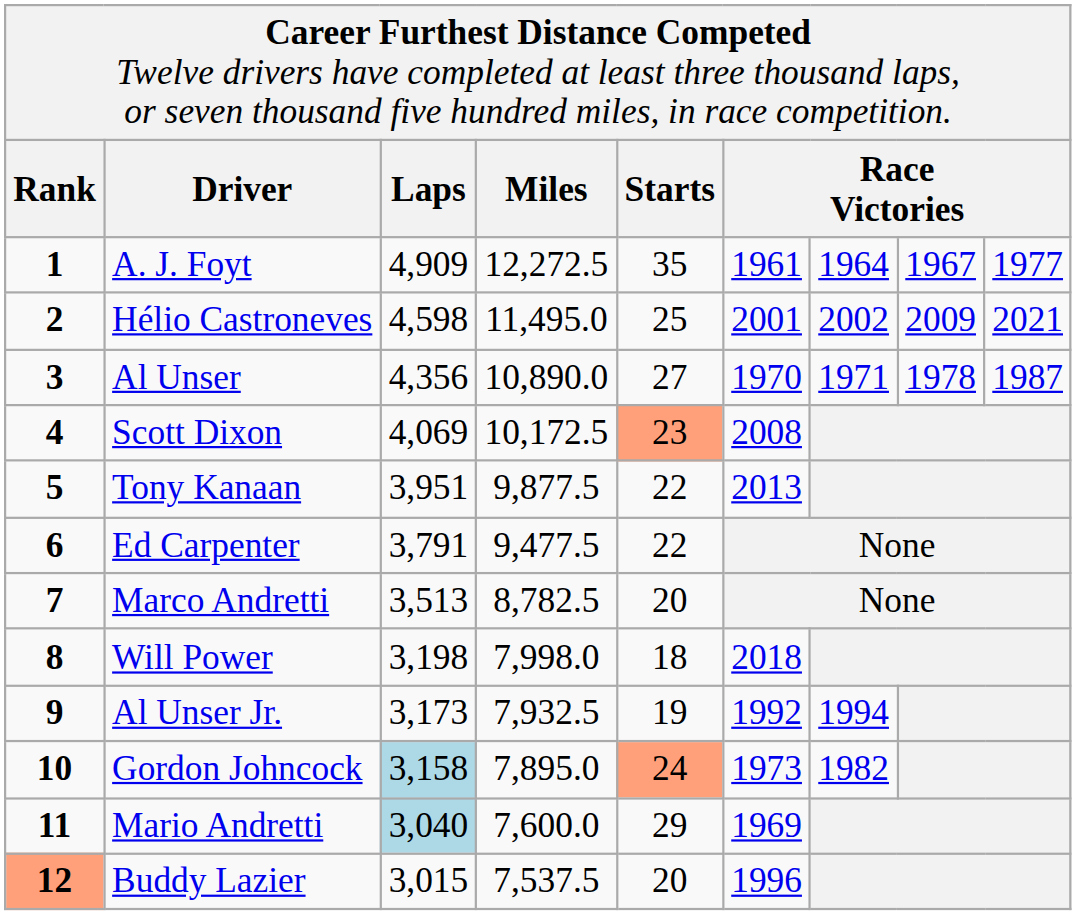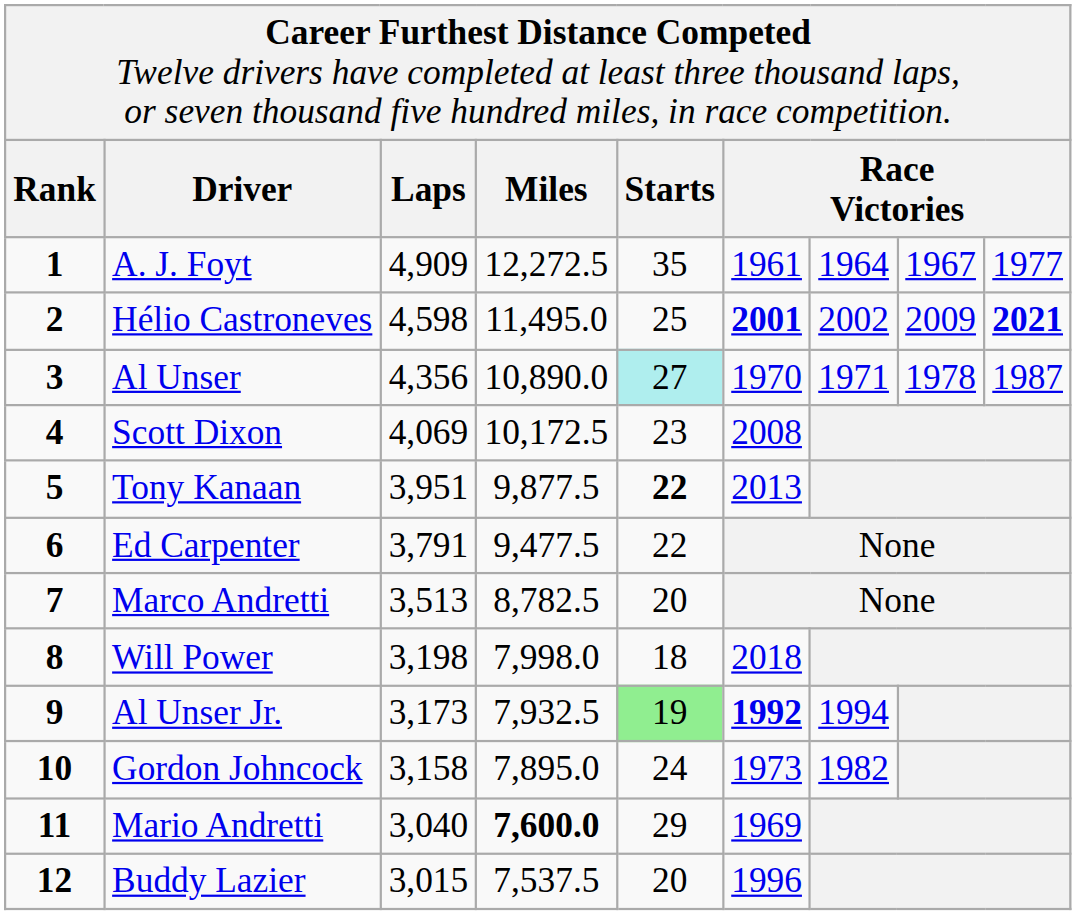 <table class="wikitable">
 <tr>
 <td style="background:#F2F2F2;" align="center" colspan="9"><strong>Career Furthest Distance Competed</strong><br><em>Twelve drivers have completed at least three thousand laps,<br>or seven thousand five hundred miles, in race competition.</em></td>
 </tr>
 <tr>
 <th><strong>Rank</strong></th>
 <th><strong>Driver</strong></th>
 <th><strong>Laps</strong></th>
 <th><strong>Miles</strong></th>
 <th><strong>Starts</strong></th>
 <td bgcolor="#F2F2F2" align="center" colspan="4"><strong>Race<br>Victories</strong></td>
 </tr>
 <tr>
 <td align="center"><strong>1</strong></td>
 <td> <a href='#'>A. J. Foyt</a></td>
 <td align="center">4,909</td>
 <td align="center">12,272.5</td>
 <td align="center">35</td>
 <td><a href='#'>1961</a></td>
 <td><a href='#'>1964</a></td>
 <td><a href='#'>1967</a></td>
 <td><a href='#'>1977</a></td>
 </tr>
 <tr>
 <td align="center"><strong>2</strong></td>
 <td> <a href='#'>Hélio Castroneves</a></td>
 <td align="center">4,598</td>
 <td align="center">11,495.0</td>
 <td align="center">25</td>
-<td><a href='#'>2001</a></td>
+<td><strong><a href='#'>2001</a></strong></td>
 <td><a href='#'>2002</a></td>
 <td><a href='#'>2009</a></td>
-<td><a href='#'>2021</a></td>
+<td><strong><a href='#'>2021</a></strong></td>
 </tr>
 <tr>
 <td align="center"><strong>3</strong></td>
 <td> <a href='#'>Al Unser</a></td>
 <td align="center">4,356</td>
 <td align="center">10,890.0</td>
-<td align="center">27</td>
+<td align="center" style="background: paleturquoise;">27</td>
 <td><a href='#'>1970</a></td>
 <td><a href='#'>1971</a></td>
 <td><a href='#'>1978</a></td>
 <td><a href='#'>1987</a></td>
 </tr>
 <tr>
 <td align="center"><strong>4</strong></td>
 <td> <a href='#'>Scott Dixon</a></td>
 <td align="center">4,069</td>
 <td align="center">10,172.5</td>
-<td align="center" style="background: lightsalmon;">23</td>
+<td align="center">23</td>
 <td align="center"><a href='#'>2008</a></td>
 <td style="background:#F2F2F2;" align="center" colspan="3"> </td>
 </tr>
 <tr>
 <td align="center"><strong>5</strong></td>
 <td> <a href='#'>Tony Kanaan</a></td>
 <td align="center">3,951</td>
 <td align="center">9,877.5</td>
-<td align="center">22</td>
+<td align="center"><strong>22</strong></td>
 <td align="center"><a href='#'>2013</a></td>
 <td style="background:#F2F2F2;" align="center" colspan="3"> </td>
 </tr>
 <tr>
 <td align="center"><strong>6</strong></td>
 <td> <a href='#'>Ed Carpenter</a></td>
 <td align="center">3,791</td>
 <td align="center">9,477.5</td>
 <td align="center">22</td>
 <td style="background:#F2F2F2;" align="center" colspan="4">None</td>
 </tr>
 <tr>
 <td align="center"><strong>7</strong></td>
 <td> <a href='#'>Marco Andretti</a></td>
 <td align="center">3,513</td>
 <td align="center">8,782.5</td>
 <td align="center">20</td>
 <td style="background:#F2F2F2;" align="center" colspan="4">None</td>
 </tr>
 <tr>
 <td align="center"><strong>8</strong></td>
 <td> <a href='#'>Will Power</a></td>
 <td align="center">3,198</td>
 <td align="center">7,998.0</td>
 <td align="center">18</td>
 <td align="center"><a href='#'>2018</a></td>
 <td style="background:#F2F2F2;" align="center" colspan="3"> </td>
 </tr>
 <tr>
 <td align="center"><strong>9</strong></td>
 <td> <a href='#'>Al Unser Jr.</a></td>
 <td align="center">3,173</td>
 <td align="center">7,932.5</td>
-<td align="center">19</td>
-<td><a href='#'>1992</a></td>
+<td align="center" style="background: lightgreen;">19</td>
+<td><strong><a href='#'>1992</a></strong></td>
 <td><a href='#'>1994</a></td>
 <td style="background:#F2F2F2;" align="center" colspan="2"> </td>
 </tr>
 <tr>
 <td align="center"><strong>10</strong></td>
 <td> <a href='#'>Gordon Johncock</a></td>
-<td align="center" style="background: lightblue;">3,158</td>
+<td align="center">3,158</td>
 <td align="center">7,895.0</td>
-<td align="center" style="background: lightsalmon;">24</td>
+<td align="center">24</td>
 <td><a href='#'>1973</a></td>
 <td><a href='#'>1982</a></td>
 <td style="background:#F2F2F2;" align="center" colspan="2"> </td>
 </tr>
 <tr>
 <td align="center"><strong>11</strong></td>
 <td> <a href='#'>Mario Andretti</a></td>
-<td align="center" style="background: lightblue;">3,040</td>
-<td align="center">7,600.0</td>
+<td align="center">3,040</td>
+<td align="center"><strong>7,600.0</strong></td>
 <td align="center">29</td>
 <td align="center"><a href='#'>1969</a></td>
 <td style="background:#F2F2F2;" align="center" colspan="3"> </td>
 </tr>
 <tr>
-<td align="center" style="background: lightsalmon;"><strong>12</strong></td>
+<td align="center"><strong>12</strong></td>
 <td> <a href='#'>Buddy Lazier</a></td>
 <td align="center">3,015</td>
 <td align="center">7,537.5</td>
 <td align="center">20</td>
 <td align="center"><a href='#'>1996</a></td>
 <td style="background:#F2F2F2;" align="center" colspan="3"> </td>
 </tr>
 </table>
